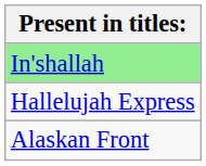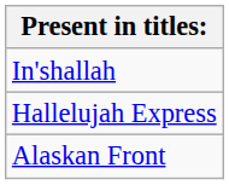 <table class="wikitable">
 <tr>
 <th>Present in titles:</th>
 </tr>
 <tr>
-<td style="background: lightgreen;"><a href='#'>In'shallah</a></td>
+<td><a href='#'>In'shallah</a></td>
 </tr>
 <tr>
 <td><a href='#'>Hallelujah Express</a></td>
 </tr>
 <tr>
 <td><a href='#'>Alaskan Front</a></td>
 </tr>
 </table>
